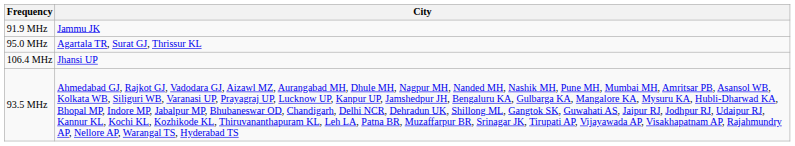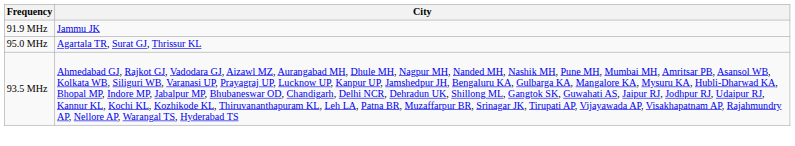 <table class="wikitable">
 <tr>
 <th>Frequency</th>
 <th>City</th>
 </tr>
 <tr>
 <td>91.9 MHz</td>
 <td><a href='#'>Jammu JK</a></td>
 </tr>
 <tr>
 <td>95.0 MHz</td>
 <td><a href='#'>Agartala TR</a>, <a href='#'>Surat GJ</a>, <a href='#'>Thrissur KL</a></td>
 </tr>
 <tr>
-<td>106.4 MHz</td>
-<td><a href='#'>Jhansi UP</a></td>
-</tr>
-<tr>
 <td>93.5 MHz</td>
 <td><br><a href='#'>Ahmedabad GJ</a>, <a href='#'>Rajkot GJ</a>, <a href='#'>Vadodara GJ</a>, <a href='#'>Aizawl MZ</a>, <a href='#'>Aurangabad MH</a>, <a href='#'>Dhule MH</a>, <a href='#'>Nagpur MH</a>, <a href='#'>Nanded MH</a>, <a href='#'>Nashik MH</a>, <a href='#'>Pune MH</a>, <a href='#'>Mumbai MH</a>, <a href='#'>Amritsar PB</a>, <a href='#'>Asansol WB</a>, <a href='#'>Kolkata WB</a>, <a href='#'>Siliguri WB</a>, <a href='#'>Varanasi UP</a>, <a href='#'>Prayagraj UP</a>, <a href='#'>Lucknow UP</a>, <a href='#'>Kanpur UP</a>, <a href='#'>Jamshedpur JH</a>, <a href='#'>Bengaluru KA</a>, <a href='#'>Gulbarga KA</a>, <a href='#'>Mangalore KA</a>, <a href='#'>Mysuru KA</a>, <a href='#'>Hubli-Dharwad KA</a>, <a href='#'>Bhopal MP</a>, <a href='#'>Indore MP</a>, <a href='#'>Jabalpur MP</a>, <a href='#'>Bhubaneswar OD</a>, <a href='#'>Chandigarh</a>, <a href='#'>Delhi NCR</a>, <a href='#'>Dehradun UK</a>, <a href='#'>Shillong ML</a>, <a href='#'>Gangtok SK</a>, <a href='#'>Guwahati AS</a>, <a href='#'>Jaipur RJ</a>, <a href='#'>Jodhpur RJ</a>, <a href='#'>Udaipur RJ</a>, <a href='#'>Kannur KL</a>, <a href='#'>Kochi KL</a>, <a href='#'>Kozhikode KL</a>, <a href='#'>Thiruvananthapuram KL</a>, <a href='#'>Leh LA</a>, <a href='#'>Patna BR</a>, <a href='#'>Muzaffarpur BR</a>, <a href='#'>Srinagar JK</a>, <a href='#'>Tirupati AP</a>, <a href='#'>Vijayawada AP</a>, <a href='#'>Visakhapatnam AP</a>, <a href='#'>Rajahmundry AP</a>, <a href='#'>Nellore AP</a>, <a href='#'>Warangal TS</a>, <a href='#'>Hyderabad TS</a></td>
 </tr>
 </table>
